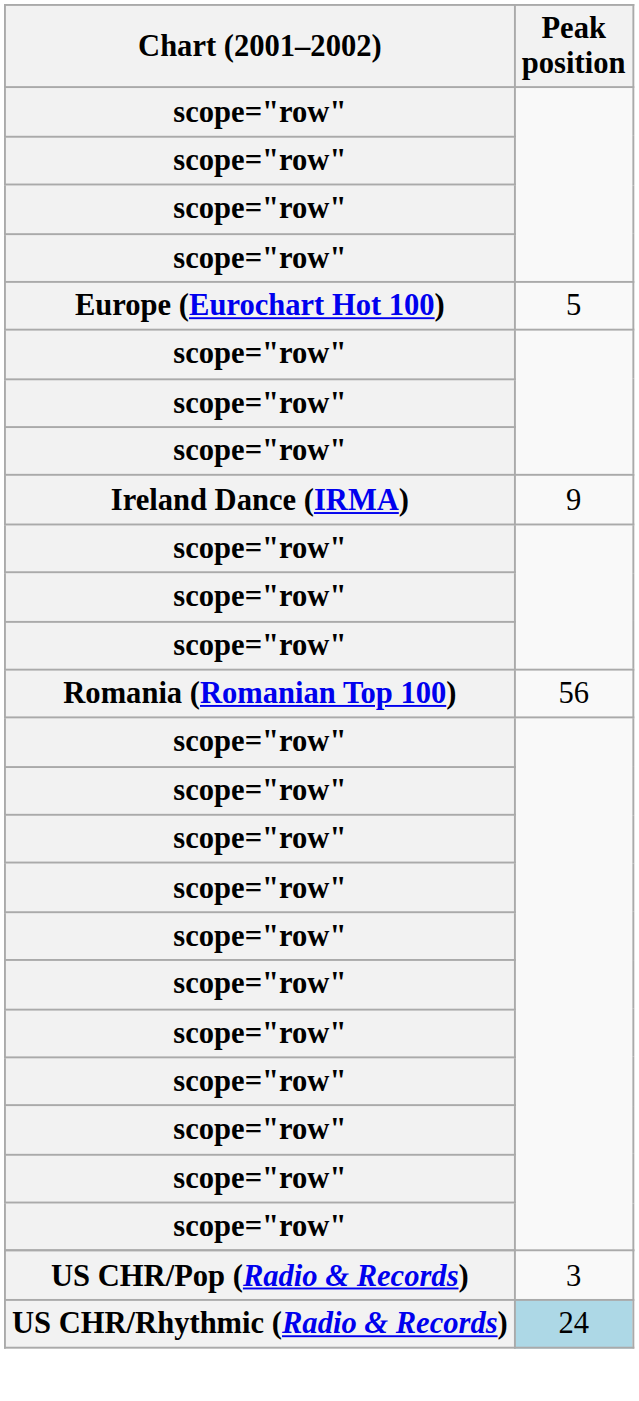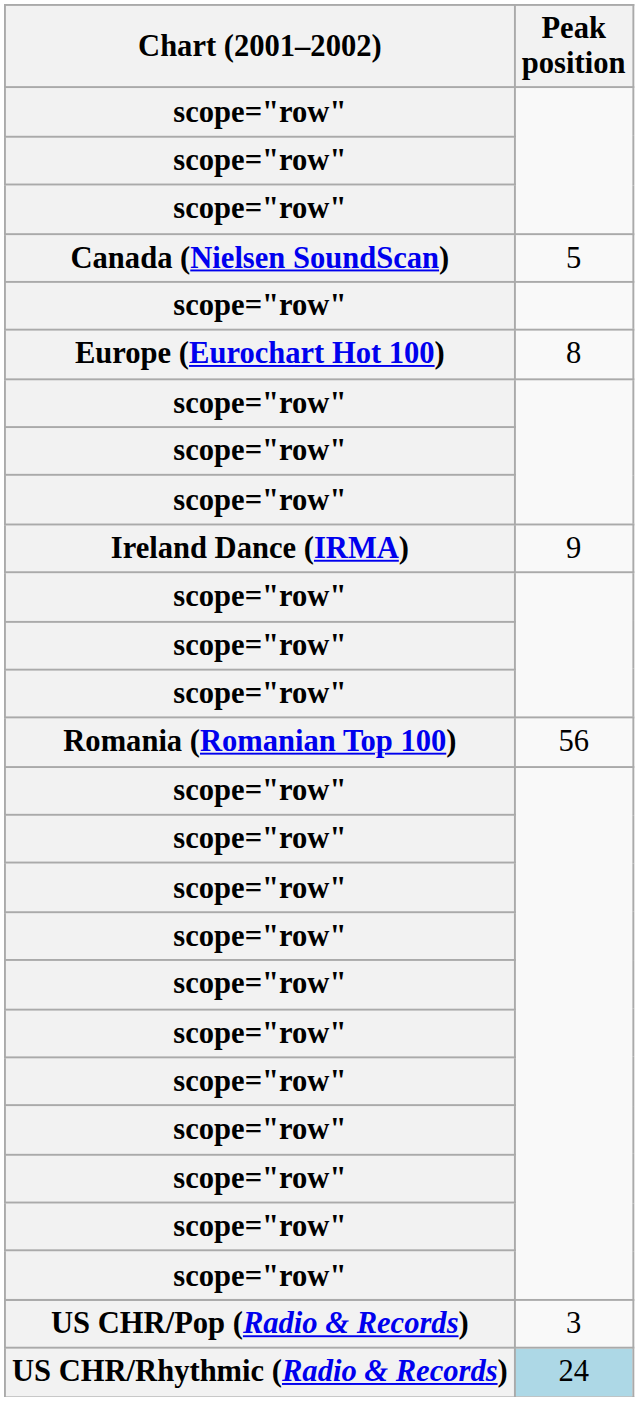 <table class="wikitable sortable plainrowheaders" style="text-align:center">
 <tr>
 <th>Chart (2001–2002)</th>
 <th>Peak<br>position</th>
 </tr>
 <tr>
 <th>scope="row"</th>
 </tr>
 <tr>
 <th>scope="row"</th>
 </tr>
 <tr>
 <th>scope="row"</th>
 </tr>
 <tr>
+<th scope="row">Canada (<a href='#'>Nielsen SoundScan</a>)</th>
+<td>5</td>
+</tr>
+<tr>
 <th>scope="row"</th>
 </tr>
 <tr>
 <th scope="row">Europe (<a href='#'>Eurochart Hot 100</a>)</th>
-<td>5</td>
+<td>8</td>
 </tr>
 <tr>
 <th>scope="row"</th>
 </tr>
 <tr>
 <th>scope="row"</th>
 </tr>
 <tr>
 <th>scope="row"</th>
 </tr>
 <tr>
 <th scope="row">Ireland Dance (<a href='#'>IRMA</a>)</th>
 <td>9</td>
 </tr>
 <tr>
 <th>scope="row"</th>
 </tr>
 <tr>
 <th>scope="row"</th>
 </tr>
 <tr>
 <th>scope="row"</th>
 </tr>
 <tr>
 <th scope="row">Romania (<a href='#'>Romanian Top 100</a>)</th>
 <td>56</td>
 </tr>
 <tr>
 <th>scope="row"</th>
 </tr>
 <tr>
 <th>scope="row"</th>
 </tr>
 <tr>
 <th>scope="row"</th>
 </tr>
 <tr>
 <th>scope="row"</th>
 </tr>
 <tr>
 <th>scope="row"</th>
 </tr>
 <tr>
 <th>scope="row"</th>
 </tr>
 <tr>
 <th>scope="row"</th>
 </tr>
 <tr>
 <th>scope="row"</th>
 </tr>
 <tr>
 <th>scope="row"</th>
 </tr>
 <tr>
 <th>scope="row"</th>
 </tr>
 <tr>
 <th>scope="row"</th>
 </tr>
 <tr>
 </tr>
 <tr>
 <th scope="row">US CHR/Pop (<em><a href='#'>Radio & Records</a></em>)</th>
 <td>3</td>
 </tr>
 <tr>
 <th scope="row">US CHR/Rhythmic (<em><a href='#'>Radio & Records</a></em>)</th>
 <td style="background: lightblue;">24</td>
 </tr>
 </table>
